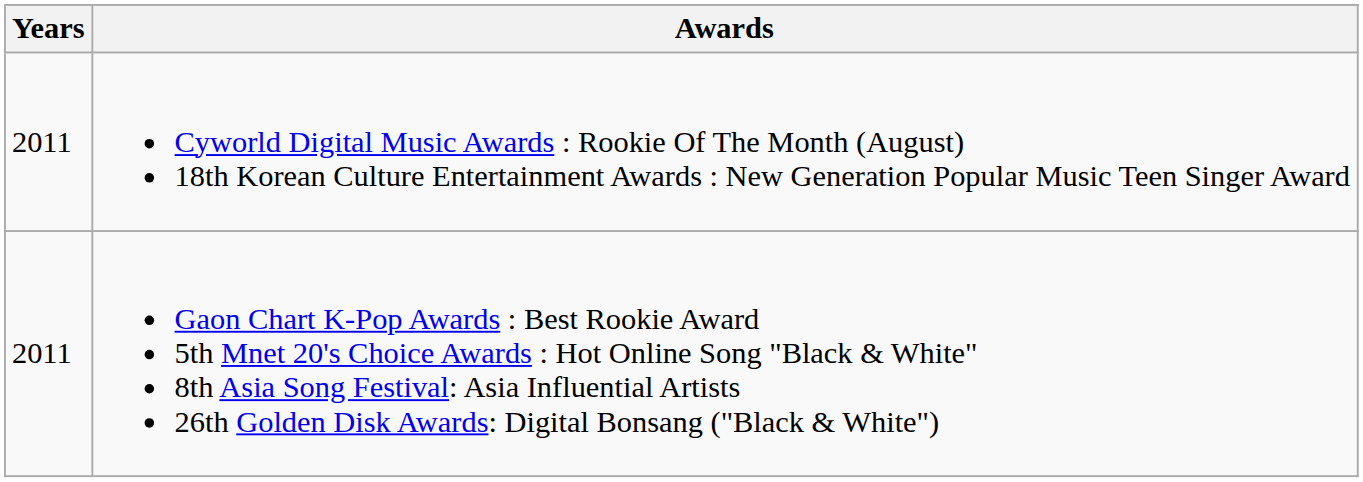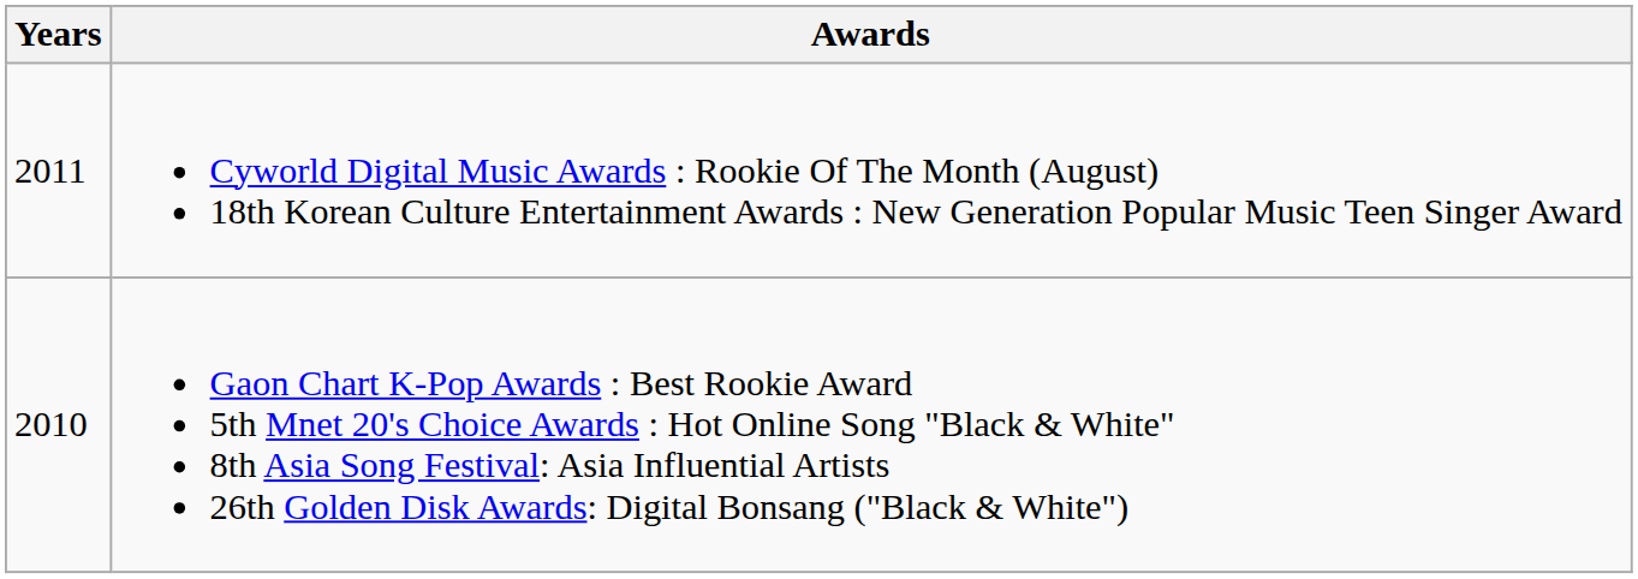 <table class="wikitable">
 <tr>
 <th>Years</th>
 <th>Awards</th>
 </tr>
 <tr>
 <td>2011</td>
 <td><br><ul><li><a href='#'>Cyworld Digital Music Awards</a> : Rookie Of The Month (August)</li><li>18th Korean Culture Entertainment Awards : New Generation Popular Music Teen Singer Award</li></ul></td>
 </tr>
 <tr>
-<td>2011</td>
+<td>2010</td>
 <td><br><ul><li><a href='#'>Gaon Chart K-Pop Awards</a> : Best Rookie Award</li><li>5th <a href='#'>Mnet 20's Choice Awards</a> : Hot Online Song "Black & White"</li><li>8th <a href='#'>Asia Song Festival</a>: Asia Influential Artists</li><li>26th <a href='#'>Golden Disk Awards</a>: Digital Bonsang ("Black & White")</li></ul></td>
 </tr>
 </table>
